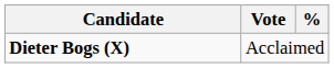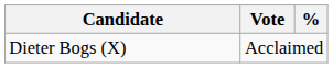 <table class="wikitable">
 <tr>
 <th bgcolor="#DDDDFF" width="200px">Candidate</th>
 <th bgcolor="#DDDDFF">Vote</th>
 <th bgcolor="#DDDDFF">%</th>
 </tr>
 <tr>
-<td><strong>Dieter Bogs (X)</strong></td>
+<td>Dieter Bogs (X)</td>
 <td colspan="2">Acclaimed</td>
 </tr>
 </table>
